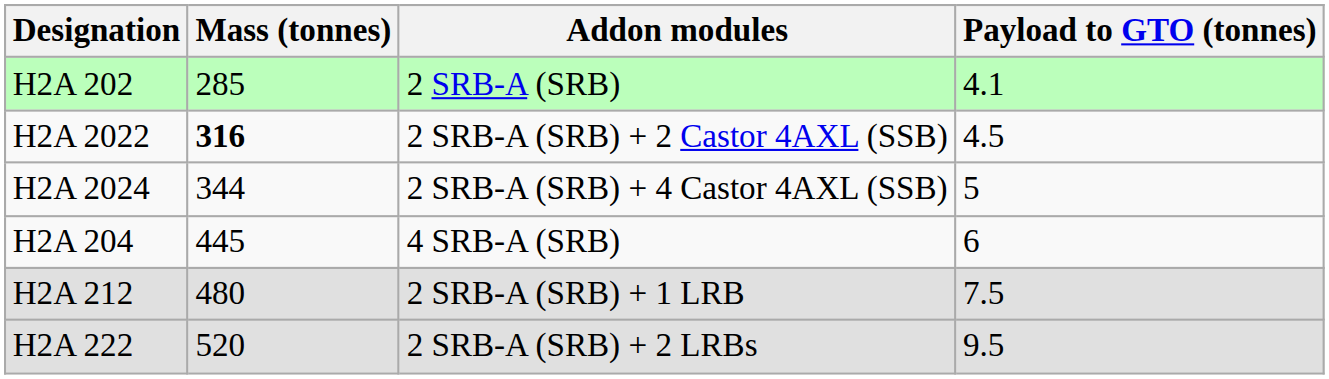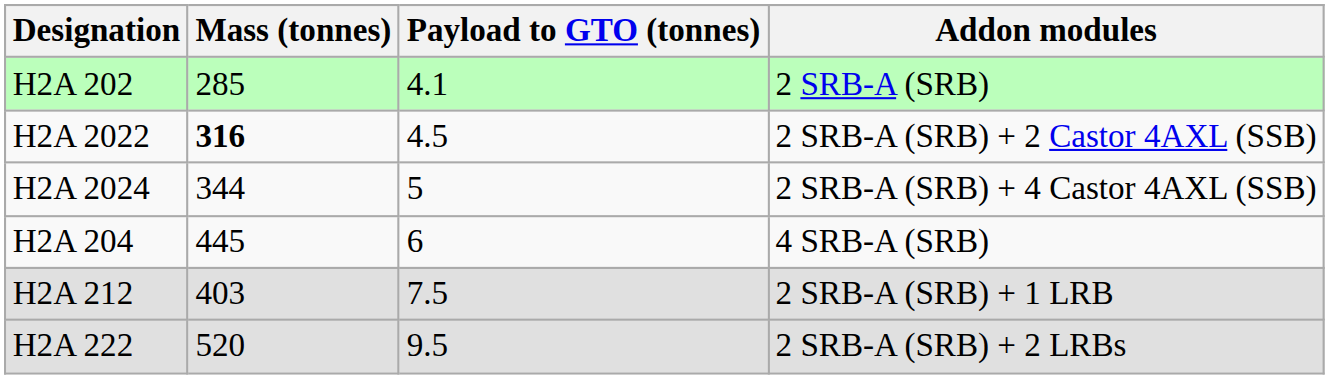 <table class="wikitable">
 <tr>
 <th>Designation</th>
 <th>Mass (tonnes)</th>
+<th>Payload to <a href='#'>GTO</a> (tonnes)</th>
 <th>Addon modules</th>
-<th>Payload to <a href='#'>GTO</a> (tonnes)</th>
 </tr>
 <tr style="background: #bbffbb">
 <td>H2A 202</td>
 <td>285</td>
+<td>4.1</td>
 <td>2 <a href='#'>SRB-A</a> (SRB)</td>
-<td>4.1</td>
 </tr>
 <tr>
 <td>H2A 2022</td>
 <td><strong>316</strong></td>
+<td>4.5</td>
 <td>2 SRB-A (SRB) + 2 <a href='#'>Castor 4AXL</a> (SSB)</td>
-<td>4.5</td>
 </tr>
 <tr>
 <td>H2A 2024</td>
 <td>344</td>
+<td>5</td>
 <td>2 SRB-A (SRB) + 4 Castor 4AXL (SSB)</td>
-<td>5</td>
 </tr>
 <tr>
 <td>H2A 204</td>
 <td>445</td>
+<td>6</td>
 <td>4 SRB-A (SRB)</td>
-<td>6</td>
 </tr>
 <tr style="background: #e0e0e0">
 <td>H2A 212</td>
-<td>480</td>
+<td>403</td>
+<td>7.5</td>
 <td>2 SRB-A (SRB) + 1 LRB </td>
-<td>7.5</td>
 </tr>
 <tr style="background: #e0e0e0">
 <td>H2A 222</td>
 <td>520</td>
+<td>9.5</td>
 <td>2 SRB-A (SRB) + 2 LRBs </td>
-<td>9.5</td>
 </tr>
 </table>
